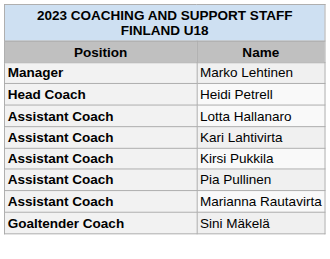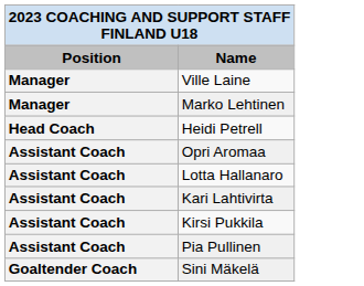 <table class="wikitable" style="text-align:left; font-size:90%;">
 <tr>
 <th style=background:#CEE0F2 colspan=2>2023 COACHING AND SUPPORT STAFF<br>FINLAND U18</th>
 </tr>
 <tr>
 <th width=60% style="background:silver;">Position</th>
 <th style="background:silver;">Name</th>
 </tr>
+<tr>
+<th style="text-align:left;">Manager</th>
+<td>Ville Laine</td>
+</tr>
 <tr bgcolor=#f0f0f0>
 <th style="text-align:left;">Manager</th>
 <td>Marko Lehtinen</td>
 </tr>
 <tr>
 <th style="text-align:left;">Head Coach</th>
 <td>Heidi Petrell</td>
+</tr>
+<tr bgcolor=#f0f0f0>
+<th style="text-align:left;">Assistant Coach</th>
+<td>Opri Aromaa</td>
 </tr>
 <tr>
 <th style="text-align:left;">Assistant Coach</th>
 <td>Lotta Hallanaro</td>
 </tr>
 <tr bgcolor=#f0f0f0>
 <th style="text-align:left;">Assistant Coach</th>
 <td>Kari Lahtivirta</td>
 </tr>
 <tr>
 <th style="text-align:left;">Assistant Coach</th>
 <td>Kirsi Pukkila</td>
 </tr>
 <tr bgcolor=#f0f0f0>
 <th style="text-align:left;">Assistant Coach</th>
 <td>Pia Pullinen</td>
 </tr>
-<tr>
-<th style="text-align:left;">Assistant Coach</th>
-<td>Marianna Rautavirta</td>
-</tr>
 <tr bgcolor=#f0f0f0>
 <th style="text-align:left;">Goaltender Coach</th>
 <td>Sini Mäkelä</td>
 </tr>
 </table>
